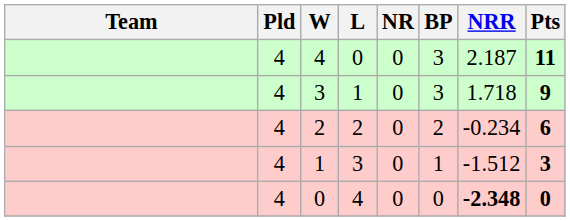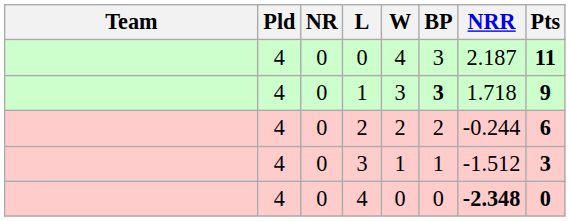 <table class="wikitable" style="text-align:center">
 <tr>
 <th width=175>Team</th>
 <th width=20 abbr="Played">Pld</th>
+<th width=20 abbr="No result">NR</th>
+<th width=20 abbr="Lost">L</th>
 <th width=20 abbr="Won">W</th>
-<th width=20 abbr="Lost">L</th>
-<th width=20 abbr="No result">NR</th>
 <th width=20 abbr="Bonus points">BP</th>
 <th width=20 abbr="Net run rate"><a href='#'>NRR</a></th>
 <th width=20 abbr="Points">Pts</th>
 </tr>
 <tr bgcolor="#ccffcc">
 <td align="left"></td>
 <td>4</td>
-<td>4</td>
 <td>0</td>
 <td>0</td>
+<td>4</td>
 <td>3</td>
 <td>2.187</td>
 <td><strong>11</strong></td>
 </tr>
 <tr bgcolor="#ccffcc">
 <td align="left"></td>
 <td>4</td>
+<td>0</td>
+<td>1</td>
 <td>3</td>
-<td>1</td>
-<td>0</td>
-<td>3</td>
+<td><strong>3</strong></td>
 <td>1.718</td>
 <td><strong>9</strong></td>
 </tr>
 <tr bgcolor="#ffcccc">
 <td align="left"></td>
 <td>4</td>
+<td>0</td>
 <td>2</td>
 <td>2</td>
-<td>0</td>
 <td>2</td>
-<td>-0.234</td>
+<td>-0.244</td>
 <td><strong>6</strong></td>
 </tr>
 <tr bgcolor="#ffcccc">
 <td align="left"></td>
 <td>4</td>
+<td>0</td>
+<td>3</td>
 <td>1</td>
-<td>3</td>
-<td>0</td>
 <td>1</td>
 <td>-1.512</td>
 <td><strong>3</strong></td>
 </tr>
 <tr bgcolor="#ffcccc">
 <td align="left"></td>
 <td>4</td>
 <td>0</td>
 <td>4</td>
 <td>0</td>
 <td>0</td>
 <td><strong>-2.348</strong></td>
 <td><strong>0</strong></td>
 </tr>
 </table>
